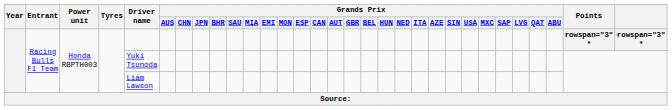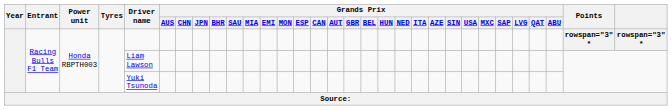 <table class="wikitable" style="text-align:center; font-size:90%">
 <tr>
 <th rowspan="2">Year</th>
 <th rowspan="2">Entrant</th>
 <th rowspan="2">Power unit</th>
 <th rowspan="2">Tyres</th>
 <th rowspan="2">Driver name</th>
 <th colspan="24">Grands Prix</th>
 <th rowspan="2">Points</th>
 <th rowspan="2"></th>
 </tr>
 <tr>
 <th><a href='#'>AUS</a></th>
 <th><a href='#'>CHN</a></th>
 <th><a href='#'>JPN</a></th>
 <th><a href='#'>BHR</a></th>
 <th><a href='#'>SAU</a></th>
 <th><a href='#'>MIA</a></th>
 <th><a href='#'>EMI</a></th>
 <th><a href='#'>MON</a></th>
 <th><a href='#'>ESP</a></th>
 <th><a href='#'>CAN</a></th>
 <th><a href='#'>AUT</a></th>
 <th><a href='#'>GBR</a></th>
 <th><a href='#'>BEL</a></th>
 <th><a href='#'>HUN</a></th>
 <th><a href='#'>NED</a></th>
 <th><a href='#'>ITA</a></th>
 <th><a href='#'>AZE</a></th>
 <th><a href='#'>SIN</a></th>
 <th><a href='#'>USA</a></th>
 <th><a href='#'>MXC</a></th>
 <th><a href='#'>SAP</a></th>
 <th><a href='#'>LVG</a></th>
 <th><a href='#'>QAT</a></th>
 <th><a href='#'>ABU</a></th>
 </tr>
 <tr>
 <th rowspan="3"></th>
 <td rowspan="3"><a href='#'>Racing Bulls F1 Team</a></td>
 <td rowspan="3"><a href='#'>Honda</a> RBPTH003</td>
 <td rowspan="3"></td>
 <td align=left></td>
 <td></td>
 <td></td>
 <td></td>
 <td></td>
 <td></td>
 <td></td>
 <td></td>
 <td></td>
 <td></td>
 <td></td>
 <td></td>
 <td></td>
 <td></td>
 <td></td>
 <td></td>
 <td></td>
 <td></td>
 <td></td>
 <td></td>
 <td></td>
 <td></td>
 <td></td>
 <td></td>
 <td></td>
 <th>rowspan="3" *</th>
 <th>rowspan="3" *</th>
 </tr>
 <tr>
-<td align=left> <a href='#'>Yuki Tsunoda</a></td>
+<td align=left> <a href='#'>Liam Lawson</a></td>
 <td></td>
 <td></td>
 <td></td>
 <td></td>
 <td></td>
 <td></td>
 <td></td>
 <td></td>
 <td></td>
 <td></td>
 <td></td>
 <td></td>
 <td></td>
 <td></td>
 <td></td>
 <td></td>
 <td></td>
 <td></td>
 <td></td>
 <td></td>
 <td></td>
 <td></td>
 <td></td>
 <td></td>
 </tr>
 <tr>
-<td align=left> <a href='#'>Liam Lawson</a></td>
+<td align=left> <a href='#'>Yuki Tsunoda</a></td>
 <td></td>
 <td></td>
 <td></td>
 <td></td>
 <td></td>
 <td></td>
 <td></td>
 <td></td>
 <td></td>
 <td></td>
 <td></td>
 <td></td>
 <td></td>
 <td></td>
 <td></td>
 <td></td>
 <td></td>
 <td></td>
 <td></td>
 <td></td>
 <td></td>
 <td></td>
 <td></td>
 <td></td>
 </tr>
 <tr>
 <th colspan="31">Source:</th>
 </tr>
 </table>
